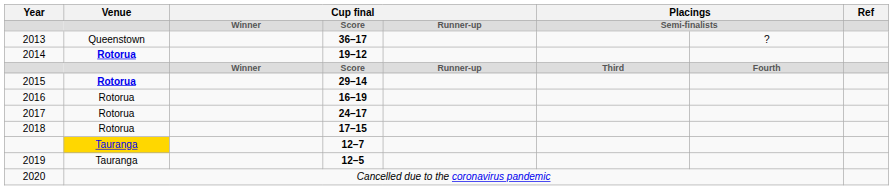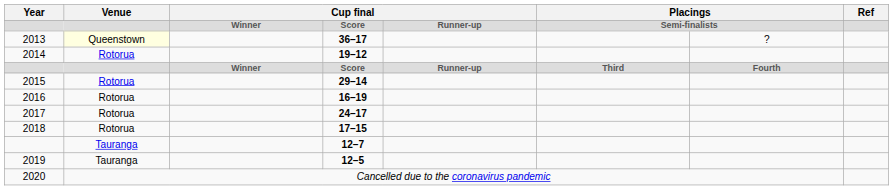 <table class="wikitable" style="font-size:90%; width:100%; text-align: center;">
 <tr>
 <th>Year</th>
 <th>Venue</th>
 <th colspan=3>Cup final</th>
 <th colspan=2>Placings</th>
 <th style="padding:1px;">Ref</th>
 </tr>
 <tr bgcolor=#ddd style="line-height:9px; font-size:87%;">
 <td style="width:3.5em; border-right:0px;"></td>
 <td style="width:6.5em; border-left:0px; color:#555; "></td>
 <td style="width:9.5em; font-weight:bold; color:#555;">Winner</td>
 <td style="width:3.5em; font-weight:bold; color:#555;">Score</td>
 <td style="width:9.5em; font-weight:bold; color:#555;">Runner-up</td>
 <td align=right style="width:9.5em; padding-right:0; border-right:0; color:#555;"><strong>Semi-fi</strong></td>
 <td align=left style="width:9.5em; padding-left:0; border-left:0; color:#555;"><strong>nalists</strong></td>
 <td style="width:1.0em; font-weight:bold; color:#555;"></td>
 </tr>
 <tr>
 <td>2013</td>
-<td>Queenstown </td>
+<td style="background: lightyellow;">Queenstown </td>
 <td><strong><br></strong></td>
 <td><strong>36–17</strong></td>
 <td><br></td>
 <td><br></td>
 <td>?</td>
 <td></td>
 </tr>
 <tr>
 <td>2014</td>
-<td><strong><a href='#'>Rotorua</a></strong></td>
+<td><a href='#'>Rotorua</a></td>
 <td><strong><br></strong></td>
 <td><strong>19–12</strong></td>
 <td><br></td>
 <td><br></td>
 <td><br></td>
 <td></td>
 </tr>
 <tr bgcolor=#ddd style="line-height:9px; font-size:87%;">
 <td style="width:3.5em; border-right:0px;"></td>
 <td style="width:5.5em; border-left:0px; color:#555; "></td>
 <td style="width:9.7em; font-weight:bold; color:#555;">Winner</td>
 <td style="width:3.5em; font-weight:bold; color:#555;">Score</td>
 <td style="width:9.7em; font-weight:bold; color:#555;">Runner-up</td>
 <td style="width:9.7em; font-weight:bold; color:#555;">Third</td>
 <td style="width:9.7em; font-weight:bold; color:#555;">Fourth</td>
 <td style="width:2.5em; font-weight:bold; color:#555;"></td>
 </tr>
 <tr>
 <td>2015</td>
-<td><strong><a href='#'>Rotorua</a></strong></td>
+<td><a href='#'>Rotorua</a></td>
 <td><strong><br></strong></td>
 <td><strong>29–14</strong></td>
 <td><br></td>
 <td><br></td>
 <td><br></td>
 <td></td>
 </tr>
 <tr>
 <td>2016</td>
 <td>Rotorua</td>
 <td><strong><br></strong></td>
 <td><strong>16–19</strong></td>
 <td><br></td>
 <td style="padding:2px;"><br></td>
 <td><br></td>
 <td></td>
 </tr>
 <tr>
 <td>2017</td>
 <td>Rotorua</td>
 <td style="padding:1px;"><br><strong></strong></td>
 <td><strong>24–17</strong></td>
 <td><br></td>
 <td><br></td>
 <td><br></td>
 <td></td>
 </tr>
 <tr>
 <td>2018</td>
 <td>Rotorua</td>
 <td><strong><br></strong></td>
 <td><strong>17–15</strong></td>
 <td><br></td>
 <td><br></td>
 <td style="padding:2px;"><br></td>
 <td></td>
 </tr>
 <tr>
 <td style="padding:0; font-size:93%;"></td>
-<td style="background: gold;"><a href='#'>Tauranga</a></td>
+<td><a href='#'>Tauranga</a></td>
 <td><strong><br></strong></td>
 <td><strong>12–7</strong></td>
 <td><br></td>
 <td><br></td>
 <td><br></td>
 <td><br></td>
 </tr>
 <tr>
 <td>2019</td>
 <td>Tauranga</td>
 <td style="padding:1px;"><br><strong></strong></td>
 <td><strong>12–5</strong></td>
 <td><br></td>
 <td><br></td>
 <td><br></td>
 <td><br></td>
 </tr>
 <tr>
 <td>2020</td>
 <td colspan=6><em>Cancelled due to the <a href='#'>coronavirus pandemic</a></em></td>
 </tr>
 </table>
